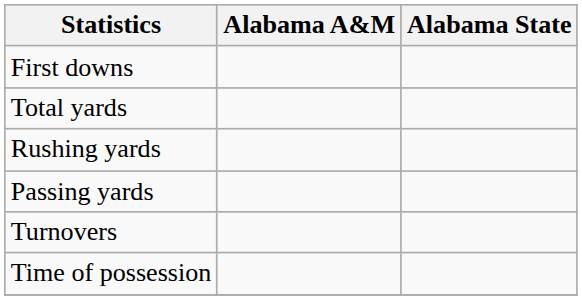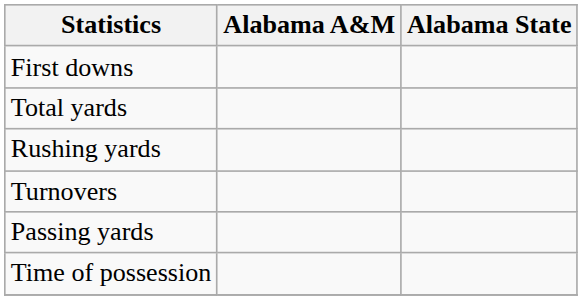 <table class="wikitable">
 <tr>
 <th>Statistics</th>
 <th>Alabama A&M</th>
 <th>Alabama State</th>
 </tr>
 <tr>
 <td>First downs</td>
 <td> </td>
 <td> </td>
 </tr>
 <tr>
 <td>Total yards</td>
 <td> </td>
 <td> </td>
 </tr>
 <tr>
 <td>Rushing yards</td>
 <td> </td>
 <td> </td>
 </tr>
 <tr>
-<td>Passing yards</td>
+<td>Turnovers</td>
 <td> </td>
 <td> </td>
 </tr>
 <tr>
-<td>Turnovers</td>
+<td>Passing yards</td>
 <td> </td>
 <td> </td>
 </tr>
 <tr>
 <td>Time of possession</td>
 <td> </td>
 <td> </td>
 </tr>
 <tr>
 </tr>
 </table>
